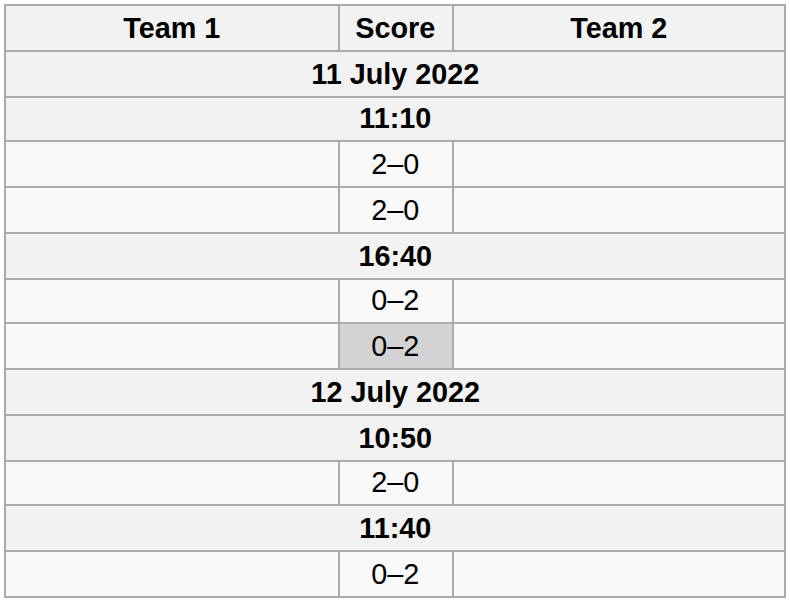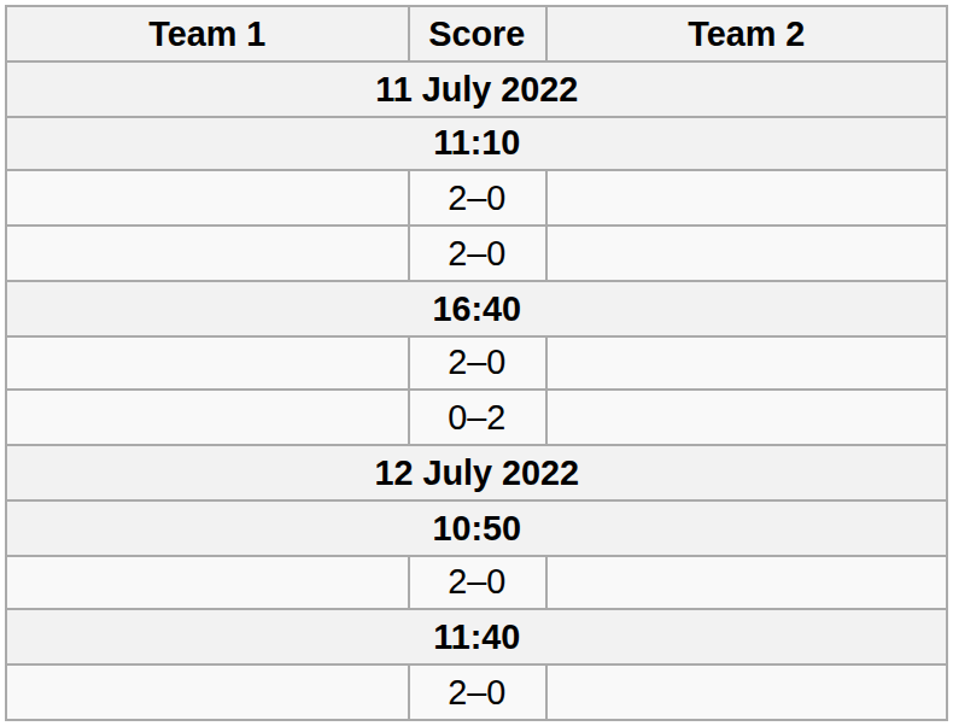 <table class="wikitable" style="text-align: center; font-size:90% ">
 <tr>
 <th align="right" width="160">Team 1</th>
 <th width="50">Score</th>
 <th align="left" width="160">Team 2</th>
 </tr>
 <tr>
 <th colspan=3>11 July 2022</th>
 </tr>
 <tr>
 <th colspan=3>11:10</th>
 </tr>
 <tr>
 <td align=right></td>
 <td align=center>2–0</td>
 <td align=left></td>
 </tr>
 <tr>
 <td align=right></td>
 <td align=center>2–0</td>
 <td align=left></td>
 </tr>
 <tr>
 <th colspan=3>16:40</th>
 </tr>
 <tr>
 <td align=right></td>
-<td align=center>0–2</td>
+<td align=center>2–0</td>
 <td align=left></td>
 </tr>
 <tr>
 <td align=right></td>
-<td align=center style="background: lightgrey;">0–2</td>
+<td align=center>0–2</td>
 <td align=left></td>
 </tr>
 <tr>
 <th colspan=3>12 July 2022</th>
 </tr>
 <tr>
 <th colspan=3>10:50</th>
 </tr>
 <tr>
 <td align=right></td>
 <td align=center>2–0</td>
 <td align=left></td>
 </tr>
 <tr>
 <th colspan=3>11:40</th>
 </tr>
 <tr>
 <td align=right></td>
-<td align=center>0–2</td>
+<td align=center>2–0</td>
 <td align=left></td>
 </tr>
 </table>
